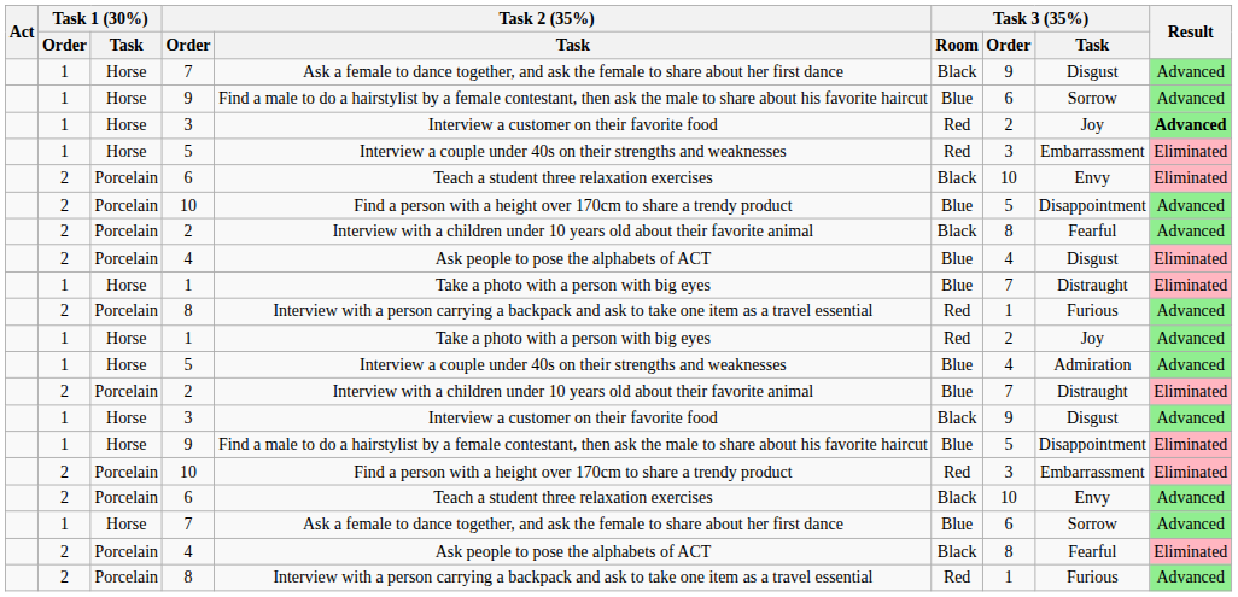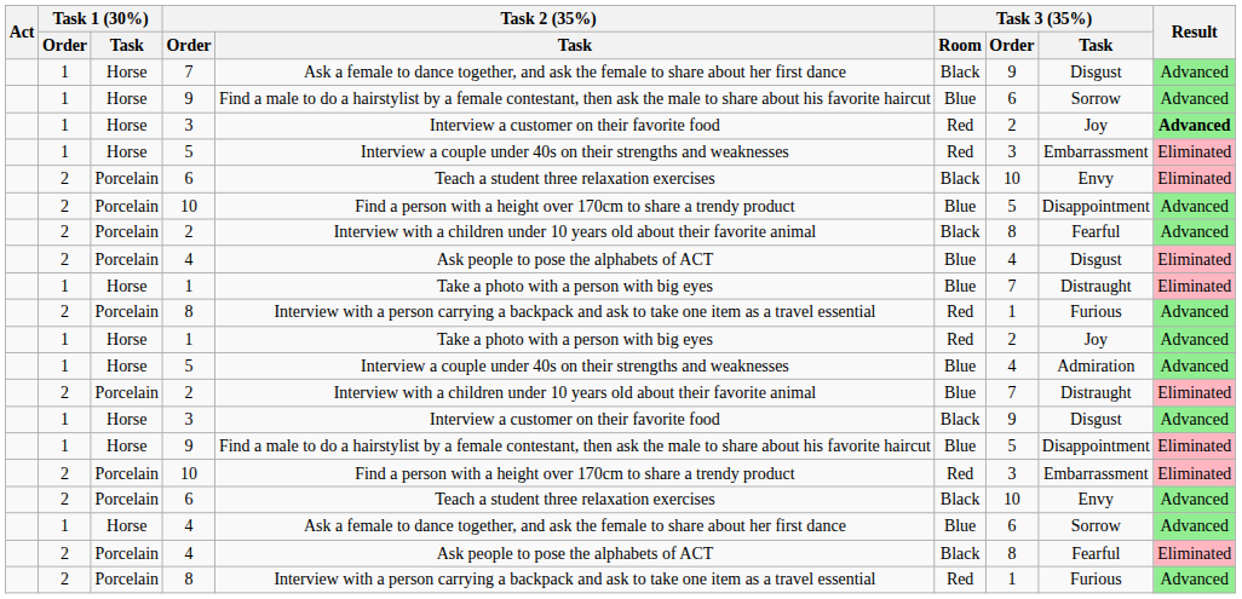 <table class="wikitable sortable" style=text-align:center;">
 <tr>
 <th rowspan=2>Act</th>
 <th colspan=2>Task 1 (30%)</th>
 <th colspan=2>Task 2 (35%)</th>
 <th colspan=3>Task 3 (35%)</th>
 <th rowspan=2>Result</th>
 </tr>
 <tr>
 <th>Order</th>
 <th class="unsortable">Task</th>
 <th>Order</th>
 <th class="unsortable">Task</th>
 <th class="unsortable">Room</th>
 <th>Order</th>
 <th class="unsortable">Task</th>
 </tr>
 <tr>
 <td></td>
 <td>1</td>
 <td>Horse</td>
 <td>7</td>
 <td>Ask a female to dance together, and ask the female to share about her first dance</td>
 <td>Black</td>
 <td>9</td>
 <td>Disgust</td>
 <td style="background:lightgreen;">Advanced</td>
 </tr>
 <tr>
 <td></td>
 <td>1</td>
 <td>Horse</td>
 <td>9</td>
 <td>Find a male to do a hairstylist by a female contestant, then ask the male to share about his favorite haircut</td>
 <td>Blue</td>
 <td>6</td>
 <td>Sorrow</td>
 <td style="background:lightgreen;">Advanced</td>
 </tr>
 <tr>
 <td></td>
 <td>1</td>
 <td>Horse</td>
 <td>3</td>
 <td>Interview a customer on their favorite food</td>
 <td>Red</td>
 <td>2</td>
 <td>Joy</td>
 <td style="background:lightgreen;"><strong>Advanced</strong></td>
 </tr>
 <tr>
 <td></td>
 <td>1</td>
 <td>Horse</td>
 <td>5</td>
 <td>Interview a couple under 40s on their strengths and weaknesses</td>
 <td>Red</td>
 <td>3</td>
 <td>Embarrassment</td>
 <td style="background:lightpink;">Eliminated</td>
 </tr>
 <tr>
 <td></td>
 <td>2</td>
 <td>Porcelain</td>
 <td>6</td>
 <td>Teach a student three relaxation exercises</td>
 <td>Black</td>
 <td>10</td>
 <td>Envy</td>
 <td style="background:lightpink;">Eliminated</td>
 </tr>
 <tr>
 <td></td>
 <td>2</td>
 <td>Porcelain</td>
 <td>10</td>
 <td>Find a person with a height over 170cm to share a trendy product</td>
 <td>Blue</td>
 <td>5</td>
 <td>Disappointment</td>
 <td style="background:lightgreen;">Advanced</td>
 </tr>
 <tr>
 <td></td>
 <td>2</td>
 <td>Porcelain</td>
 <td>2</td>
 <td>Interview with a children under 10 years old about their favorite animal</td>
 <td>Black</td>
 <td>8</td>
 <td>Fearful</td>
 <td style="background:lightgreen;">Advanced</td>
 </tr>
 <tr>
 <td></td>
 <td>2</td>
 <td>Porcelain</td>
 <td>4</td>
 <td>Ask people to pose the alphabets of ACT</td>
 <td>Blue</td>
 <td>4</td>
 <td>Disgust</td>
 <td style="background:lightpink;">Eliminated</td>
 </tr>
 <tr>
 <td></td>
 <td>1</td>
 <td>Horse</td>
 <td>1</td>
 <td>Take a photo with a person with big eyes</td>
 <td>Blue</td>
 <td>7</td>
 <td>Distraught</td>
 <td style="background:lightpink;">Eliminated</td>
 </tr>
 <tr>
 <td></td>
 <td>2</td>
 <td>Porcelain</td>
 <td>8</td>
 <td>Interview with a person carrying a backpack and ask to take one item as a travel essential</td>
 <td>Red</td>
 <td>1</td>
 <td>Furious</td>
 <td style="background:lightgreen;">Advanced</td>
 </tr>
 <tr>
 <td></td>
 <td>1</td>
 <td>Horse</td>
 <td>1</td>
 <td>Take a photo with a person with big eyes</td>
 <td>Red</td>
 <td>2</td>
 <td>Joy</td>
 <td style="background:lightgreen;">Advanced</td>
 </tr>
 <tr>
 <td></td>
 <td>1</td>
 <td>Horse</td>
 <td>5</td>
 <td>Interview a couple under 40s on their strengths and weaknesses</td>
 <td>Blue</td>
 <td>4</td>
 <td>Admiration</td>
 <td style="background:lightgreen;">Advanced</td>
 </tr>
 <tr>
 <td></td>
 <td>2</td>
 <td>Porcelain</td>
 <td>2</td>
 <td>Interview with a children under 10 years old about their favorite animal</td>
 <td>Blue</td>
 <td>7</td>
 <td>Distraught</td>
 <td style="background:lightpink;">Eliminated</td>
 </tr>
 <tr>
 <td></td>
 <td>1</td>
 <td>Horse</td>
 <td>3</td>
 <td>Interview a customer on their favorite food</td>
 <td>Black</td>
 <td>9</td>
 <td>Disgust</td>
 <td style="background:lightgreen;">Advanced</td>
 </tr>
 <tr>
 <td></td>
 <td>1</td>
 <td>Horse</td>
 <td>9</td>
 <td>Find a male to do a hairstylist by a female contestant, then ask the male to share about his favorite haircut</td>
 <td>Blue</td>
 <td>5</td>
 <td>Disappointment</td>
 <td style="background:lightpink;">Eliminated</td>
 </tr>
 <tr>
 <td></td>
 <td>2</td>
 <td>Porcelain</td>
 <td>10</td>
 <td>Find a person with a height over 170cm to share a trendy product</td>
 <td>Red</td>
 <td>3</td>
 <td>Embarrassment</td>
 <td style="background:lightpink;">Eliminated</td>
 </tr>
 <tr>
 <td></td>
 <td>2</td>
 <td>Porcelain</td>
 <td>6</td>
 <td>Teach a student three relaxation exercises</td>
 <td>Black</td>
 <td>10</td>
 <td>Envy</td>
 <td style="background:lightgreen;">Advanced</td>
 </tr>
 <tr>
 <td></td>
 <td>1</td>
 <td>Horse</td>
-<td>7</td>
+<td>4</td>
 <td>Ask a female to dance together, and ask the female to share about her first dance</td>
 <td>Blue</td>
 <td>6</td>
 <td>Sorrow</td>
 <td style="background:lightgreen;">Advanced</td>
 </tr>
 <tr>
 <td></td>
 <td>2</td>
 <td>Porcelain</td>
 <td>4</td>
 <td>Ask people to pose the alphabets of ACT</td>
 <td>Black</td>
 <td>8</td>
 <td>Fearful</td>
 <td style="background:lightpink;">Eliminated</td>
 </tr>
 <tr>
 <td></td>
 <td>2</td>
 <td>Porcelain</td>
 <td>8</td>
 <td>Interview with a person carrying a backpack and ask to take one item as a travel essential</td>
 <td>Red</td>
 <td>1</td>
 <td>Furious</td>
 <td style="background:lightgreen;">Advanced</td>
 </tr>
 </table>
